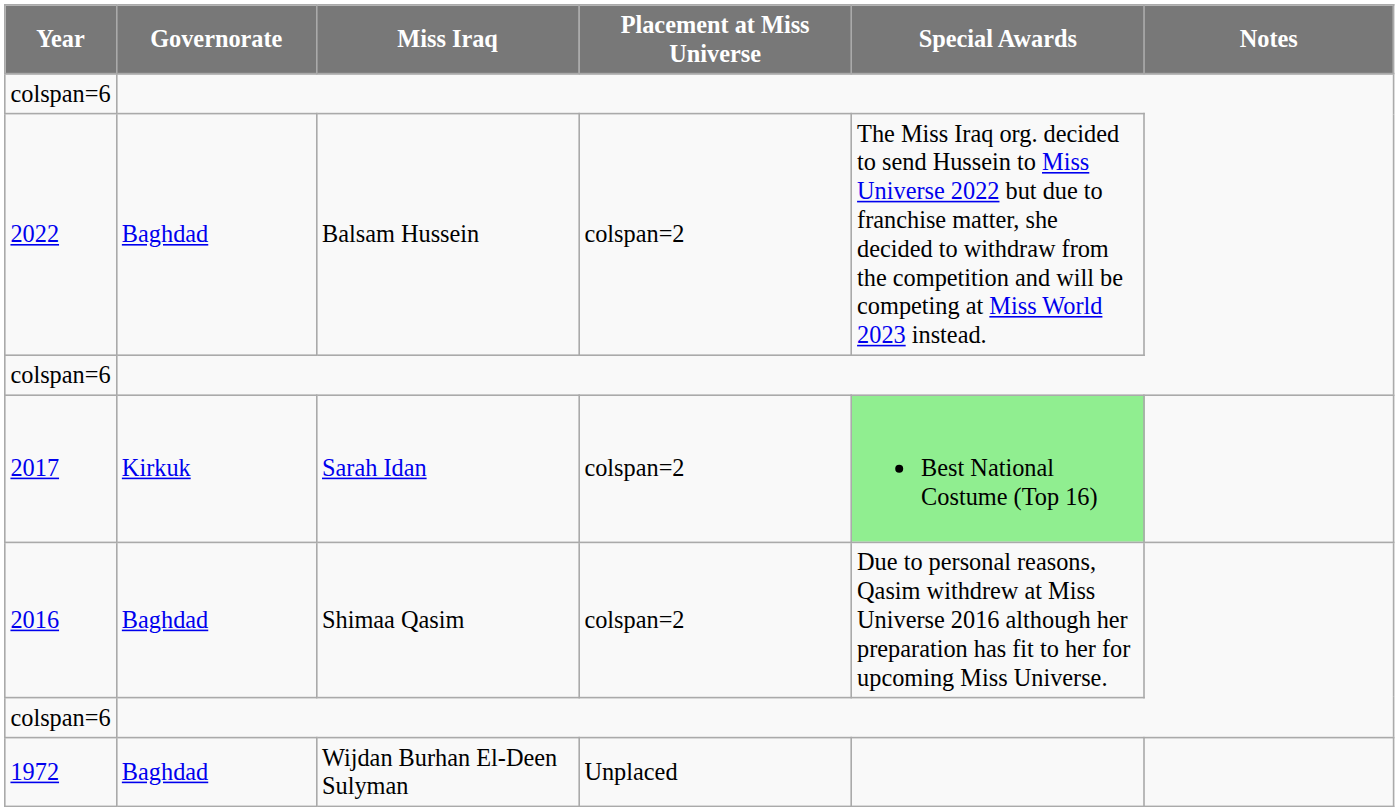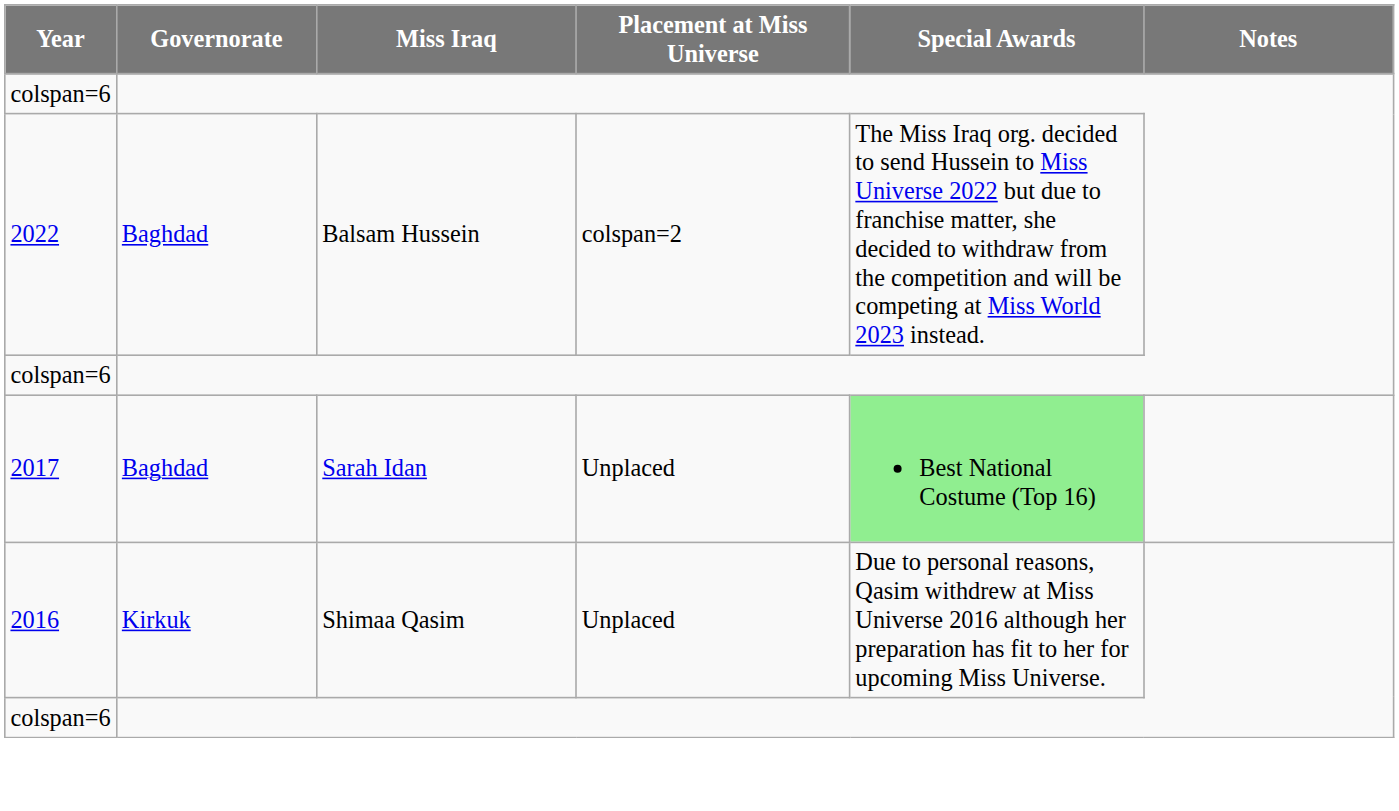 <table class="wikitable " style="font-size: 95%;">
 <tr>
 <th width="60" style="background-color:#787878;color:#FFFFFF;">Year</th>
 <th width="150" style="background-color:#787878;color:#FFFFFF;">Governorate</th>
 <th width="250" style="background-color:#787878;color:#FFFFFF;">Miss Iraq</th>
 <th width="250" style="background-color:#787878;color:#FFFFFF;">Placement at Miss Universe</th>
 <th width="250" style="background-color:#787878;color:#FFFFFF;">Special Awards</th>
 <th width="250" style="background-color:#787878;color:#FFFFFF;">Notes</th>
 </tr>
 <tr>
 <td>colspan=6 </td>
 </tr>
 <tr>
 <td><a href='#'>2022</a></td>
 <td><a href='#'>Baghdad</a></td>
 <td>Balsam Hussein</td>
 <td>colspan=2 </td>
 <td>The Miss Iraq org. decided to send Hussein to <a href='#'>Miss Universe 2022</a> but due to franchise matter, she decided to withdraw from the competition and will be competing at <a href='#'>Miss World 2023</a> instead.</td>
 </tr>
 <tr>
 <td>colspan=6 </td>
 </tr>
 <tr>
 <td><a href='#'>2017</a></td>
-<td><a href='#'>Kirkuk</a></td>
+<td><a href='#'>Baghdad</a></td>
 <td><a href='#'>Sarah Idan</a></td>
-<td>colspan=2 </td>
+<td>Unplaced</td>
 <td align="left" style="background: lightgreen;"><br><ul><li>Best National Costume (Top 16)</li></ul></td>
 <td></td>
 </tr>
 <tr>
 <td><a href='#'>2016</a></td>
-<td><a href='#'>Baghdad</a></td>
+<td><a href='#'>Kirkuk</a></td>
 <td>Shimaa Qasim</td>
-<td>colspan=2 </td>
+<td>Unplaced</td>
 <td>Due to personal reasons, Qasim withdrew at Miss Universe 2016 although her preparation has fit to her for upcoming Miss Universe.</td>
 </tr>
 <tr>
 <td>colspan=6 </td>
 </tr>
-<tr>
-<td><a href='#'>1972</a></td>
-<td><a href='#'>Baghdad</a></td>
-<td>Wijdan Burhan El-Deen Sulyman</td>
-<td>Unplaced</td>
-<td></td>
-<td></td>
-</tr>
 </table>
